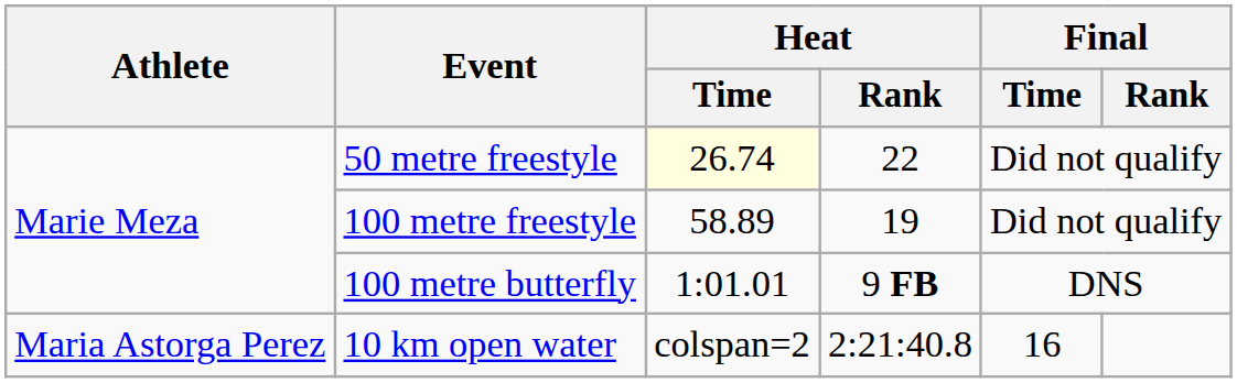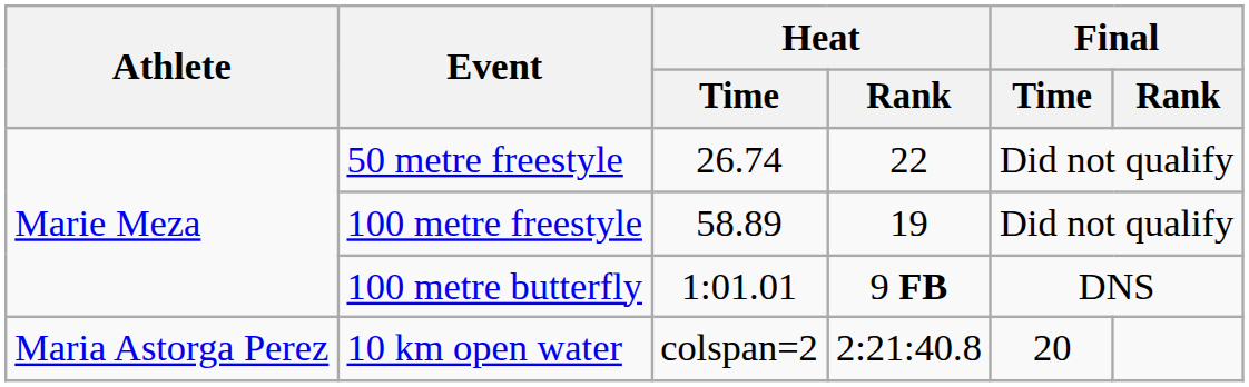 <table class=wikitable style="font-size:90%">
 <tr>
 <th rowspan="2">Athlete</th>
 <th rowspan="2">Event</th>
 <th colspan="2">Heat</th>
 <th colspan="2">Final</th>
 </tr>
 <tr style="font-size:95%">
 <th>Time</th>
 <th>Rank</th>
 <th>Time</th>
 <th>Rank</th>
 </tr>
 <tr align=center>
 <td align=left rowspan="3"><a href='#'>Marie Meza</a></td>
 <td align=left><a href='#'>50 metre freestyle</a></td>
-<td style="background: lightyellow;">26.74</td>
+<td>26.74</td>
 <td>22</td>
 <td colspan=2>Did not qualify</td>
 </tr>
 <tr align=center>
 <td align=left><a href='#'>100 metre freestyle</a></td>
 <td>58.89</td>
 <td>19</td>
 <td colspan=2>Did not qualify</td>
 </tr>
 <tr align=center>
 <td align=left><a href='#'>100 metre butterfly</a></td>
 <td>1:01.01</td>
 <td>9 <strong>FB</strong></td>
 <td colspan=2>DNS</td>
 </tr>
 <tr align=center>
 <td align=left><a href='#'>Maria Astorga Perez</a></td>
 <td align=left><a href='#'>10 km open water</a></td>
 <td>colspan=2 </td>
 <td>2:21:40.8</td>
-<td>16</td>
+<td>20</td>
 </tr>
 </table>
